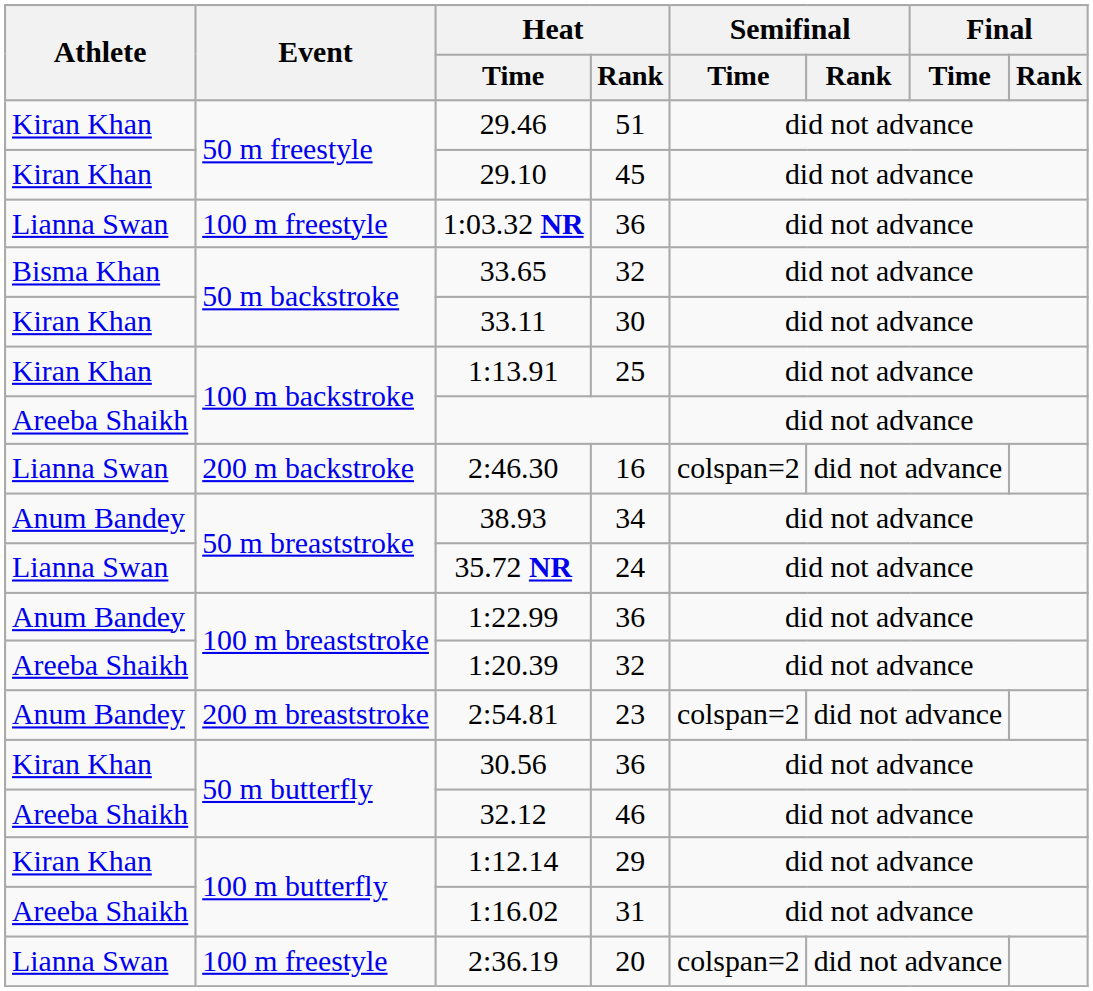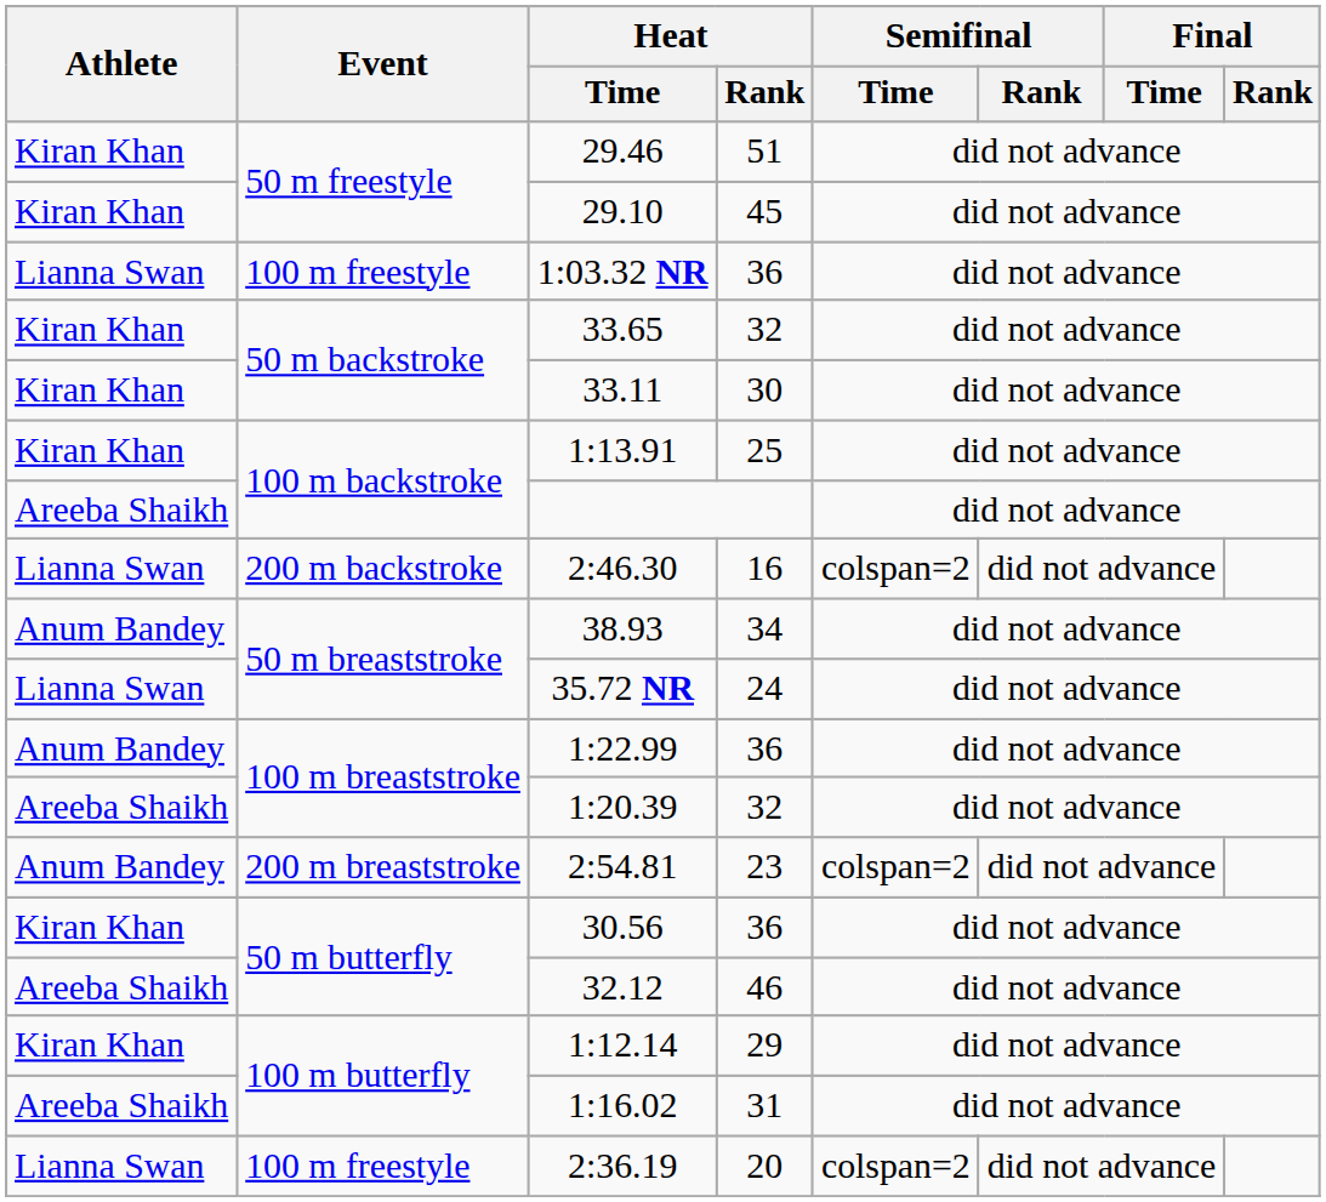 <table class=wikitable style=font-size:90%>
 <tr>
 <th rowspan=2>Athlete</th>
 <th rowspan=2>Event</th>
 <th colspan=2>Heat</th>
 <th colspan=2>Semifinal</th>
 <th colspan=2>Final</th>
 </tr>
 <tr style=font-size:95%>
 <th>Time</th>
 <th>Rank</th>
 <th>Time</th>
 <th>Rank</th>
 <th>Time</th>
 <th>Rank</th>
 </tr>
 <tr align=center>
 <td align=left><a href='#'>Kiran Khan</a></td>
 <td align=left rowspan=2><a href='#'>50 m freestyle</a></td>
 <td>29.46</td>
 <td>51</td>
 <td colspan=4>did not advance</td>
 </tr>
 <tr align=center>
 <td align=left><a href='#'>Kiran Khan</a></td>
 <td>29.10</td>
 <td>45</td>
 <td colspan=4>did not advance</td>
 </tr>
 <tr align=center>
 <td align=left><a href='#'>Lianna Swan</a></td>
 <td align=left><a href='#'>100 m freestyle</a></td>
 <td>1:03.32 <strong><a href='#'>NR</a></strong></td>
 <td>36</td>
 <td colspan=4>did not advance</td>
 </tr>
 <tr align=center>
-<td align=left><a href='#'>Bisma Khan</a></td>
+<td align=left><a href='#'>Kiran Khan</a></td>
 <td align=left rowspan=2><a href='#'>50 m backstroke</a></td>
 <td>33.65</td>
 <td>32</td>
 <td colspan=4>did not advance</td>
 </tr>
 <tr align=center>
 <td align=left><a href='#'>Kiran Khan</a></td>
 <td>33.11</td>
 <td>30</td>
 <td colspan=4>did not advance</td>
 </tr>
 <tr align=center>
 <td align=left><a href='#'>Kiran Khan</a></td>
 <td align=left rowspan=2><a href='#'>100 m backstroke</a></td>
 <td>1:13.91</td>
 <td>25</td>
 <td colspan=4>did not advance</td>
 </tr>
 <tr align=center>
 <td align=left><a href='#'>Areeba Shaikh</a></td>
 <td colspan=2></td>
 <td colspan=4>did not advance</td>
 </tr>
 <tr align=center>
 <td align=left><a href='#'>Lianna Swan</a></td>
 <td align=left><a href='#'>200 m backstroke</a></td>
 <td>2:46.30</td>
 <td>16</td>
 <td>colspan=2 </td>
 <td colspan=2>did not advance</td>
 </tr>
 <tr align=center>
 <td align=left><a href='#'>Anum Bandey</a></td>
 <td align=left rowspan=2><a href='#'>50 m breaststroke</a></td>
 <td>38.93</td>
 <td>34</td>
 <td colspan=4>did not advance</td>
 </tr>
 <tr align=center>
 <td align=left><a href='#'>Lianna Swan</a></td>
 <td>35.72 <strong><a href='#'>NR</a></strong></td>
 <td>24</td>
 <td colspan=4>did not advance</td>
 </tr>
 <tr align=center>
 <td align=left><a href='#'>Anum Bandey</a></td>
 <td align=left rowspan=2><a href='#'>100 m breaststroke</a></td>
 <td>1:22.99</td>
 <td>36</td>
 <td colspan=4>did not advance</td>
 </tr>
 <tr align=center>
 <td align=left><a href='#'>Areeba Shaikh</a></td>
 <td>1:20.39</td>
 <td>32</td>
 <td colspan=4>did not advance</td>
 </tr>
 <tr align=center>
 <td align=left><a href='#'>Anum Bandey</a></td>
 <td align=left><a href='#'>200 m breaststroke</a></td>
 <td>2:54.81</td>
 <td>23</td>
 <td>colspan=2 </td>
 <td colspan=2>did not advance</td>
 </tr>
 <tr align=center>
 <td align=left><a href='#'>Kiran Khan</a></td>
 <td align=left rowspan=2><a href='#'>50 m butterfly</a></td>
 <td>30.56</td>
 <td>36</td>
 <td colspan=4>did not advance</td>
 </tr>
 <tr align=center>
 <td align=left><a href='#'>Areeba Shaikh</a></td>
 <td>32.12</td>
 <td>46</td>
 <td colspan=4>did not advance</td>
 </tr>
 <tr align=center>
 <td align=left><a href='#'>Kiran Khan</a></td>
 <td align=left rowspan=2><a href='#'>100 m butterfly</a></td>
 <td>1:12.14</td>
 <td>29</td>
 <td colspan=4>did not advance</td>
 </tr>
 <tr align=center>
 <td align=left><a href='#'>Areeba Shaikh</a></td>
 <td>1:16.02</td>
 <td>31</td>
 <td colspan=4>did not advance</td>
 </tr>
 <tr align=center>
 <td align=left><a href='#'>Lianna Swan</a></td>
 <td align=left><a href='#'>100 m freestyle</a></td>
 <td>2:36.19</td>
 <td>20</td>
 <td>colspan=2 </td>
 <td colspan=2>did not advance</td>
 </tr>
 </table>
